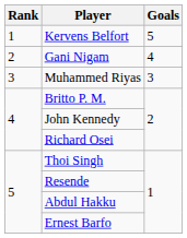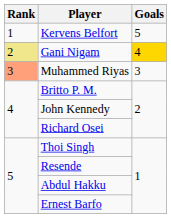 <table class="wikitable" style="text-align:center">
 <tr>
 <th>Rank</th>
 <th>Player</th>
 <th>Goals</th>
 </tr>
 <tr>
 <td rowspan="1" align="left">1</td>
 <td align="left"> <a href='#'>Kervens Belfort</a></td>
 <td rowspan="1" align="left">5</td>
 </tr>
 <tr>
-<td rowspan="1" align="left">2</td>
+<td rowspan="1" align="left" style="background: khaki;">2</td>
 <td align="left"> <a href='#'>Gani Nigam</a></td>
-<td rowspan="1" align="left">4</td>
+<td rowspan="1" align="left" style="background: gold;">4</td>
 </tr>
 <tr>
-<td rowspan="1" align="left">3</td>
+<td rowspan="1" align="left" style="background: lightsalmon;">3</td>
 <td align="left"> Muhammed Riyas</td>
 <td rowspan="1" align="left">3</td>
 </tr>
 <tr>
 <td rowspan="3" align="left">4</td>
 <td align="left"> <a href='#'>Britto P. M.</a></td>
 <td rowspan="3" align="left">2</td>
 </tr>
 <tr>
 <td align="left"> John Kennedy</td>
 </tr>
 <tr>
 <td align="left"> <a href='#'>Richard Osei</a></td>
 </tr>
 <tr>
 <td rowspan="4" align="left">5</td>
 <td align="left"> <a href='#'>Thoi Singh</a></td>
 <td rowspan="4" align="left">1</td>
 </tr>
 <tr>
 <td align="left"> <a href='#'>Resende</a></td>
 </tr>
 <tr>
 <td align="left"> <a href='#'>Abdul Hakku</a></td>
 </tr>
 <tr>
 <td align="left"> <a href='#'>Ernest Barfo</a></td>
 </tr>
 </table>
